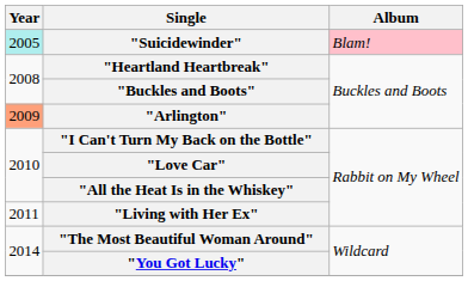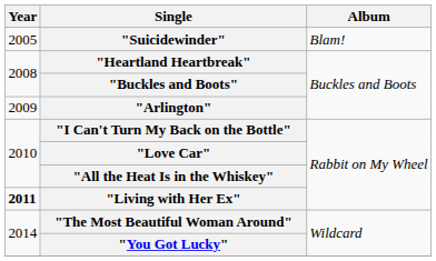 <table class="wikitable plainrowheaders">
 <tr>
 <th>Year</th>
 <th style="width:18em;">Single</th>
 <th>Album</th>
 </tr>
 <tr>
-<td style="background: paleturquoise;">2005</td>
+<td>2005</td>
 <th scope="row">"Suicidewinder"</th>
-<td style="background: pink;"><em>Blam!</em></td>
+<td><em>Blam!</em></td>
 </tr>
 <tr>
 <td rowspan="2">2008</td>
 <th scope="row">"Heartland Heartbreak"</th>
 <td rowspan="3"><em>Buckles and Boots</em></td>
 </tr>
 <tr>
 <th scope="row">"Buckles and Boots"</th>
 </tr>
 <tr>
-<td style="background: lightsalmon;">2009</td>
+<td>2009</td>
 <th scope="row">"Arlington"</th>
 </tr>
 <tr>
 <td rowspan="3">2010</td>
 <th scope="row">"I Can't Turn My Back on the Bottle"</th>
 <td rowspan="4"><em>Rabbit on My Wheel</em></td>
 </tr>
 <tr>
 <th scope="row">"Love Car"</th>
 </tr>
 <tr>
 <th scope="row">"All the Heat Is in the Whiskey"</th>
 </tr>
 <tr>
-<td>2011</td>
+<td><strong>2011</strong></td>
 <th scope="row">"Living with Her Ex"</th>
 </tr>
 <tr>
 <td rowspan="2">2014</td>
 <th scope="row">"The Most Beautiful Woman Around"</th>
 <td rowspan="2"><em>Wildcard</em></td>
 </tr>
 <tr>
 <th scope="row">"<a href='#'>You Got Lucky</a>"</th>
 </tr>
 <tr>
 </tr>
 </table>
